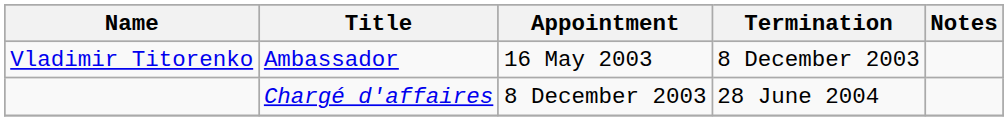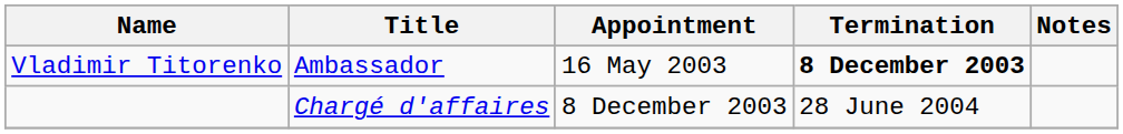 <table class="wikitable">
 <tr valign="middle">
 <th>Name</th>
 <th>Title</th>
 <th>Appointment</th>
 <th>Termination</th>
 <th>Notes</th>
 </tr>
 <tr>
 <td><a href='#'>Vladimir Titorenko</a></td>
 <td><a href='#'>Ambassador</a></td>
 <td>16 May 2003</td>
-<td>8 December 2003</td>
+<td><strong>8 December 2003</strong></td>
 <td></td>
 </tr>
 <tr>
 <td></td>
 <td><em><a href='#'>Chargé d'affaires</a></em></td>
 <td>8 December 2003</td>
 <td>28 June 2004</td>
 <td></td>
 </tr>
 <tr>
 </tr>
 </table>
